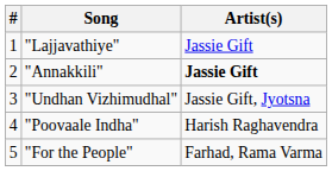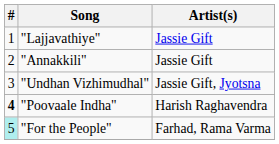 <table class="wikitable tracklist" style="font-size:95%;">
 <tr>
 <th>#</th>
 <th>Song</th>
 <th>Artist(s)</th>
 </tr>
 <tr>
 <td>1</td>
 <td>"Lajjavathiye"</td>
 <td><a href='#'>Jassie Gift</a></td>
 </tr>
 <tr>
 <td>2</td>
 <td>"Annakkili"</td>
-<td><strong>Jassie Gift</strong></td>
+<td>Jassie Gift</td>
 </tr>
 <tr>
 <td>3</td>
 <td>"Undhan Vizhimudhal"</td>
 <td>Jassie Gift, <a href='#'>Jyotsna</a></td>
 </tr>
 <tr>
-<td>4</td>
+<td><strong>4</strong></td>
 <td>"Poovaale Indha"</td>
 <td>Harish Raghavendra</td>
 </tr>
 <tr>
-<td>5</td>
+<td style="background: paleturquoise;">5</td>
 <td>"For the People"</td>
 <td>Farhad, Rama Varma</td>
 </tr>
 <tr>
 </tr>
 </table>
